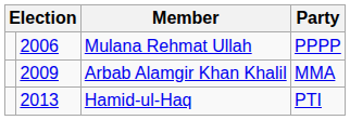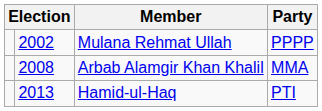 <table class="wikitable">
 <tr>
 <th colspan="2">Election</th>
 <th>Member</th>
 <th>Party</th>
 </tr>
 <tr>
 <td style="background-color: "></td>
-<td><a href='#'>2006</a></td>
+<td><a href='#'>2002</a></td>
 <td><a href='#'>Mulana Rehmat Ullah</a></td>
 <td><a href='#'>PPPP</a></td>
 </tr>
 <tr>
 <td style="background-color: "></td>
-<td><a href='#'>2009</a></td>
+<td><a href='#'>2008</a></td>
 <td><a href='#'>Arbab Alamgir Khan Khalil</a></td>
 <td><a href='#'>MMA</a></td>
 </tr>
 <tr>
 <td style="background-color: "></td>
 <td><a href='#'>2013</a></td>
 <td><a href='#'>Hamid-ul-Haq</a></td>
 <td><a href='#'>PTI</a></td>
 </tr>
 </table>
